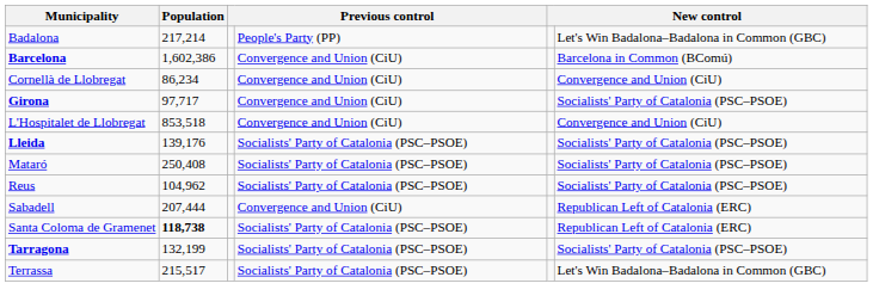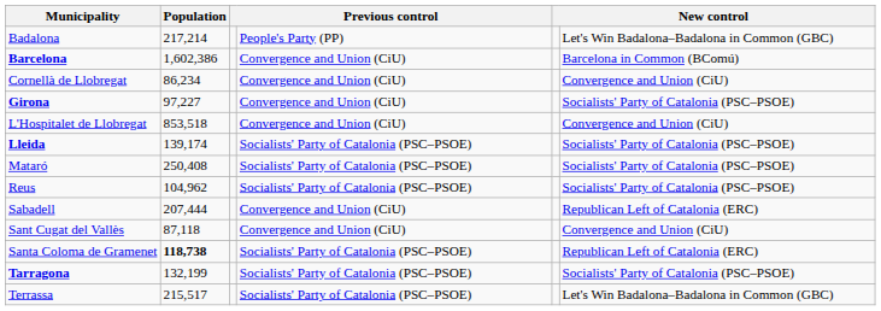 <table class="wikitable sortable">
 <tr>
 <th>Municipality</th>
 <th>Population</th>
 <th colspan="2" style="width:375px;">Previous control</th>
 <th colspan="2" style="width:375px;">New control</th>
 </tr>
 <tr>
 <td><a href='#'>Badalona</a></td>
 <td>217,214</td>
 <td width="1" style="color:inherit;background:"></td>
 <td><a href='#'>People's Party</a> (PP)</td>
 <td width="1" style="color:inherit;background:"></td>
 <td>Let's Win Badalona–Badalona in Common (GBC) </td>
 </tr>
 <tr>
 <td><strong><a href='#'>Barcelona</a></strong></td>
 <td>1,602,386</td>
 <td style="color:inherit;background:"></td>
 <td><a href='#'>Convergence and Union</a> (CiU)</td>
 <td style="color:inherit;background:"></td>
 <td><a href='#'>Barcelona in Common</a> (BComú)</td>
 </tr>
 <tr>
 <td><a href='#'>Cornellà de Llobregat</a></td>
 <td>86,234</td>
 <td style="color:inherit;background:"></td>
 <td><a href='#'>Convergence and Union</a> (CiU)</td>
 <td style="color:inherit;background:"></td>
 <td><a href='#'>Convergence and Union</a> (CiU)</td>
 </tr>
 <tr>
 <td><strong><a href='#'>Girona</a></strong></td>
-<td>97,717</td>
+<td>97,227</td>
 <td style="color:inherit;background:"></td>
 <td><a href='#'>Convergence and Union</a> (CiU)</td>
 <td style="color:inherit;background:"></td>
 <td><a href='#'>Socialists' Party of Catalonia</a> (PSC–PSOE)</td>
 </tr>
 <tr>
 <td><a href='#'>L'Hospitalet de Llobregat</a></td>
 <td>853,518</td>
 <td style="color:inherit;background:"></td>
 <td><a href='#'>Convergence and Union</a> (CiU)</td>
 <td style="color:inherit;background:"></td>
 <td><a href='#'>Convergence and Union</a> (CiU)</td>
 </tr>
 <tr>
 <td><strong><a href='#'>Lleida</a></strong></td>
-<td>139,176</td>
+<td>139,174</td>
 <td style="color:inherit;background:"></td>
 <td><a href='#'>Socialists' Party of Catalonia</a> (PSC–PSOE)</td>
 <td style="color:inherit;background:"></td>
 <td><a href='#'>Socialists' Party of Catalonia</a> (PSC–PSOE)</td>
 </tr>
 <tr>
 <td><a href='#'>Mataró</a></td>
 <td>250,408</td>
 <td style="color:inherit;background:"></td>
 <td><a href='#'>Socialists' Party of Catalonia</a> (PSC–PSOE)</td>
 <td style="color:inherit;background:"></td>
 <td><a href='#'>Socialists' Party of Catalonia</a> (PSC–PSOE)</td>
 </tr>
 <tr>
 <td><a href='#'>Reus</a></td>
 <td>104,962</td>
 <td style="color:inherit;background:"></td>
 <td><a href='#'>Socialists' Party of Catalonia</a> (PSC–PSOE)</td>
 <td style="color:inherit;background:"></td>
 <td><a href='#'>Socialists' Party of Catalonia</a> (PSC–PSOE)</td>
 </tr>
 <tr>
 <td><a href='#'>Sabadell</a></td>
 <td>207,444</td>
 <td style="color:inherit;background:"></td>
 <td><a href='#'>Convergence and Union</a> (CiU)</td>
 <td style="color:inherit;background:"></td>
 <td><a href='#'>Republican Left of Catalonia</a> (ERC) </td>
 </tr>
 <tr>
+<td><a href='#'>Sant Cugat del Vallès</a></td>
+<td>87,118</td>
+<td style="color:inherit;background:"></td>
+<td><a href='#'>Convergence and Union</a> (CiU)</td>
+<td style="color:inherit;background:"></td>
+<td><a href='#'>Convergence and Union</a> (CiU)</td>
+</tr>
+<tr>
 <td><a href='#'>Santa Coloma de Gramenet</a></td>
 <td><strong>118,738</strong></td>
 <td style="color:inherit;background:"></td>
 <td><a href='#'>Socialists' Party of Catalonia</a> (PSC–PSOE)</td>
 <td style="color:inherit;background:"></td>
 <td><a href='#'>Republican Left of Catalonia</a> (ERC) </td>
 </tr>
 <tr>
 <td><strong><a href='#'>Tarragona</a></strong></td>
 <td>132,199</td>
 <td style="color:inherit;background:"></td>
 <td><a href='#'>Socialists' Party of Catalonia</a> (PSC–PSOE)</td>
 <td style="color:inherit;background:"></td>
 <td><a href='#'>Socialists' Party of Catalonia</a> (PSC–PSOE)</td>
 </tr>
 <tr>
 <td><a href='#'>Terrassa</a></td>
 <td>215,517</td>
 <td style="color:inherit;background:"></td>
 <td><a href='#'>Socialists' Party of Catalonia</a> (PSC–PSOE)</td>
 <td style="color:inherit;background:"></td>
 <td>Let's Win Badalona–Badalona in Common (GBC) </td>
 </tr>
 </table>
